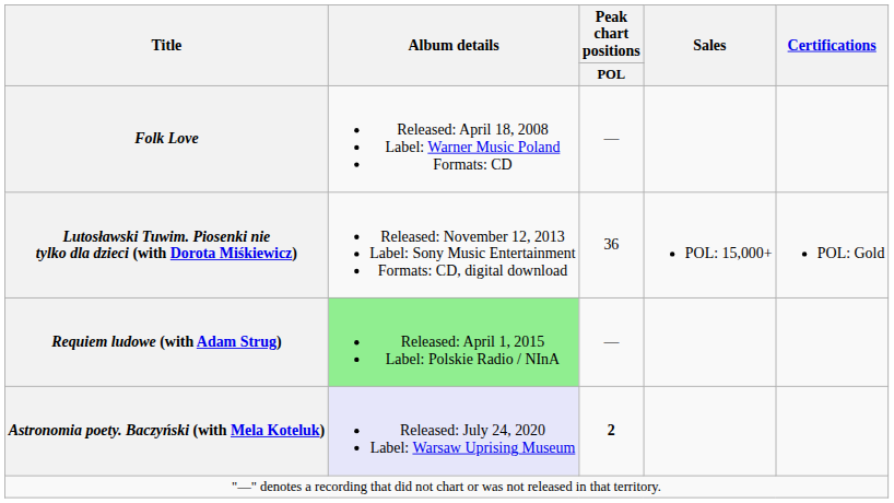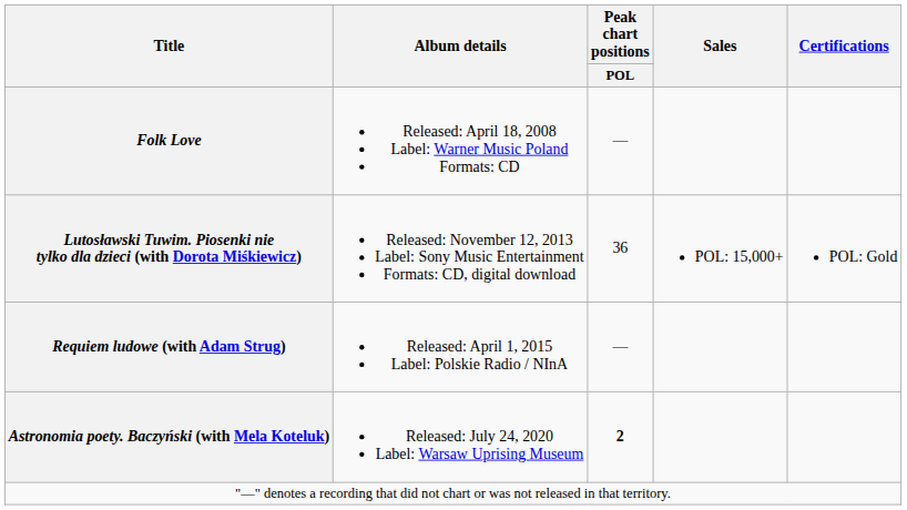 <table class="wikitable plainrowheaders" style="text-align:center;">
 <tr>
 <th scope="col" rowspan="2">Title</th>
 <th scope="col" rowspan="2">Album details</th>
 <th scope="col" colspan="1">Peak chart positions</th>
 <th scope="col" rowspan="2">Sales</th>
 <th scope="col" rowspan="2"><a href='#'>Certifications</a></th>
 </tr>
 <tr>
 <th scope="col" style="width:3em;font-size:90%;">POL<br></th>
 </tr>
 <tr>
 <th scope="row"><em>Folk Love</em></th>
 <td><br><ul><li>Released: April 18, 2008</li><li>Label: <a href='#'>Warner Music Poland</a></li><li>Formats: CD</li></ul></td>
 <td>—</td>
 <td></td>
 <td></td>
 </tr>
 <tr>
 <th scope="row"><em>Lutosławski Tuwim. Piosenki nie<br>tylko dla dzieci</em> (with <a href='#'>Dorota Miśkiewicz</a>)</th>
 <td><br><ul><li>Released: November 12, 2013</li><li>Label: Sony Music Entertainment</li><li>Formats: CD, digital download</li></ul></td>
 <td>36</td>
 <td><br><ul><li>POL: 15,000+</li></ul></td>
 <td><br><ul><li>POL: Gold</li></ul></td>
 </tr>
 <tr>
 <th scope="row"><em>Requiem ludowe</em> (with <a href='#'>Adam Strug</a>)</th>
-<td style="background: lightgreen;"><br><ul><li>Released: April 1, 2015</li><li>Label: Polskie Radio / NInA</li></ul></td>
+<td><br><ul><li>Released: April 1, 2015</li><li>Label: Polskie Radio / NInA</li></ul></td>
 <td>—</td>
 <td></td>
 <td></td>
 </tr>
 <tr>
 <th scope="row"><em>Astronomia poety. Baczyński</em> (with <a href='#'>Mela Koteluk</a>)</th>
-<td style="background: lavender;"><br><ul><li>Released: July 24, 2020</li><li>Label: <a href='#'>Warsaw Uprising Museum</a></li></ul></td>
+<td><br><ul><li>Released: July 24, 2020</li><li>Label: <a href='#'>Warsaw Uprising Museum</a></li></ul></td>
 <td><strong>2</strong></td>
 <td></td>
 <td></td>
 </tr>
 <tr>
 <td colspan="20" style="font-size:90%">"—" denotes a recording that did not chart or was not released in that territory.</td>
 </tr>
 </table>
